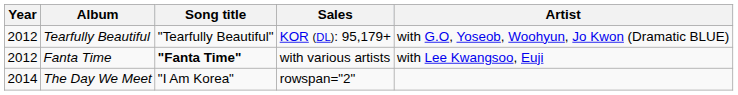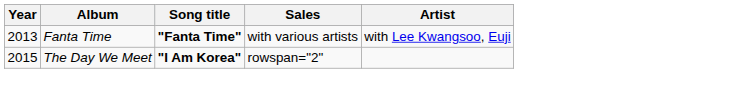 <table class="wikitable">
 <tr style="background:#b0c4de; text-align:center;">
 <th>Year</th>
 <th>Album</th>
 <th>Song title</th>
 <th>Sales</th>
 <th>Artist</th>
 </tr>
 <tr>
-<td>2012</td>
-<td><em>Tearfully Beautiful</em></td>
-<td>"Tearfully Beautiful"</td>
-<td><a href='#'>KOR</a> <small>(<a href='#'>DL</a>)</small>: 95,179+</td>
-<td>with <a href='#'>G.O</a>, <a href='#'>Yoseob</a>, <a href='#'>Woohyun</a>, <a href='#'>Jo Kwon</a> (Dramatic BLUE)</td>
-</tr>
-<tr>
-<td>2012</td>
+<td>2013</td>
 <td><em>Fanta Time</em></td>
 <td><strong>"Fanta Time"</strong></td>
 <td>with various artists</td>
 <td>with <a href='#'>Lee Kwangsoo</a>, <a href='#'>Euji</a></td>
 </tr>
 <tr>
-<td>2014</td>
+<td>2015</td>
 <td><em>The Day We Meet</em></td>
-<td>"I Am Korea"</td>
+<td><strong>"I Am Korea"</strong></td>
 <td>rowspan="2" </td>
 </tr>
 </table>
